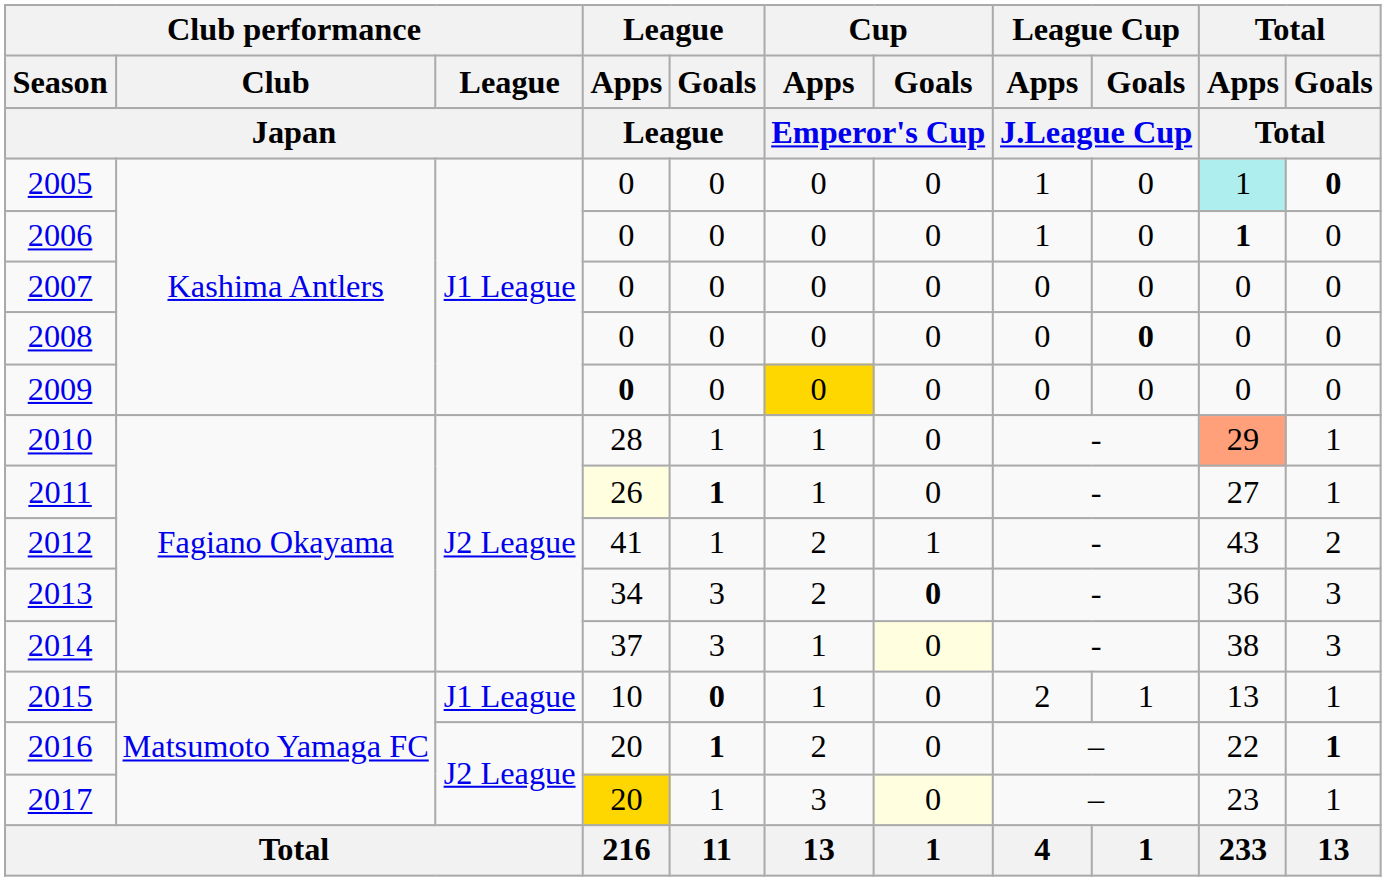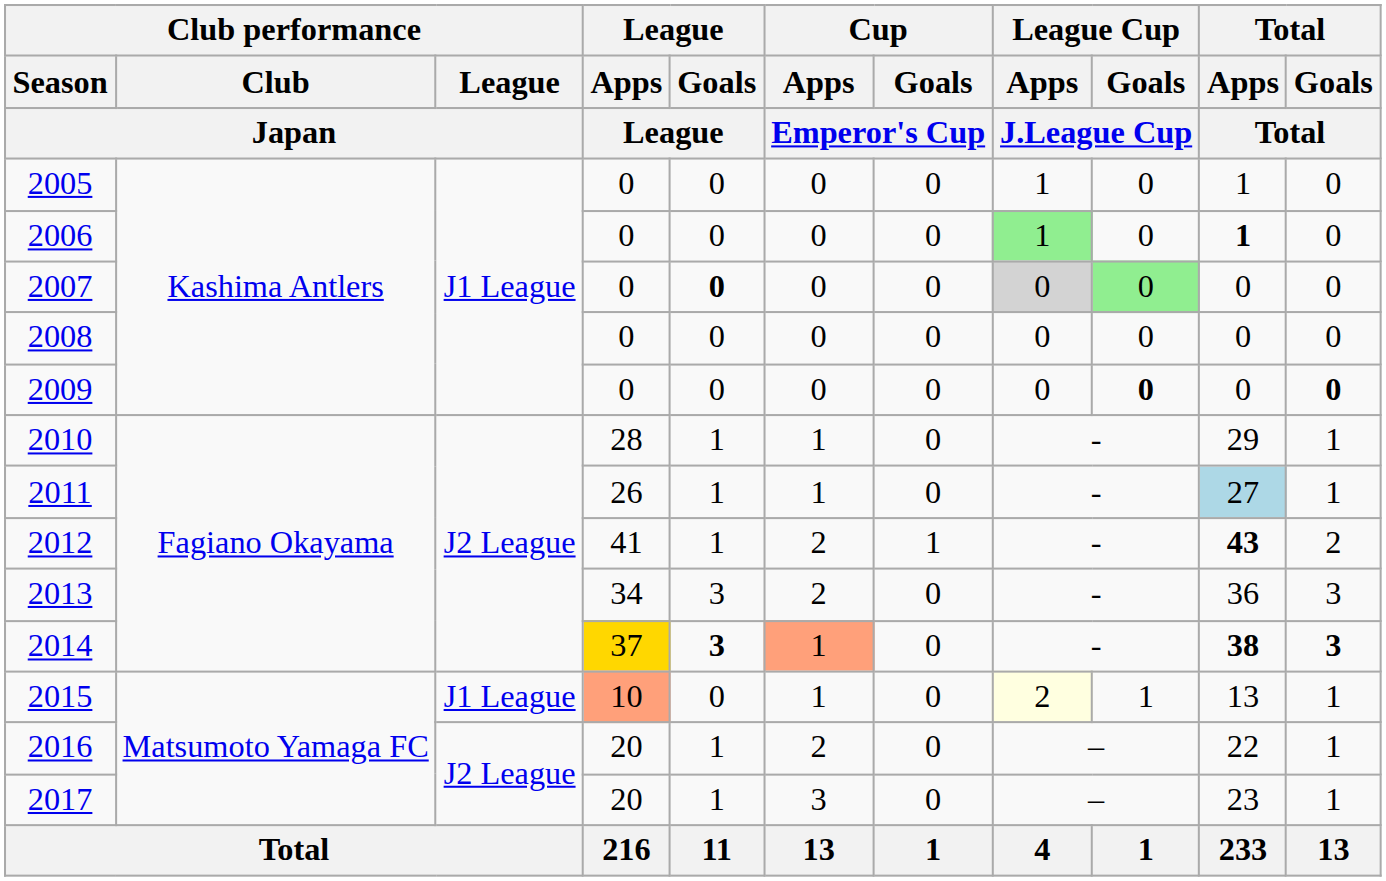 <table class="wikitable" style="text-align:center;">
 <tr>
 <th colspan=3>Club performance</th>
 <th colspan=2>League</th>
 <th colspan=2>Cup</th>
 <th colspan=2>League Cup</th>
 <th colspan=2>Total</th>
 </tr>
 <tr>
 <th>Season</th>
 <th>Club</th>
 <th>League</th>
 <th>Apps</th>
 <th>Goals</th>
 <th>Apps</th>
 <th>Goals</th>
 <th>Apps</th>
 <th>Goals</th>
 <th>Apps</th>
 <th>Goals</th>
 </tr>
 <tr>
 <th colspan=3>Japan</th>
 <th colspan=2>League</th>
 <th colspan=2><a href='#'>Emperor's Cup</a></th>
 <th colspan=2><a href='#'>J.League Cup</a></th>
 <th colspan=2>Total</th>
 </tr>
 <tr>
 <td><a href='#'>2005</a></td>
 <td rowspan="5"><a href='#'>Kashima Antlers</a></td>
 <td rowspan="5"><a href='#'>J1 League</a></td>
 <td>0</td>
 <td>0</td>
 <td>0</td>
 <td>0</td>
 <td>1</td>
 <td>0</td>
-<td style="background: paleturquoise;">1</td>
-<td><strong>0</strong></td>
+<td>1</td>
+<td>0</td>
 </tr>
 <tr>
 <td><a href='#'>2006</a></td>
 <td>0</td>
 <td>0</td>
 <td>0</td>
 <td>0</td>
-<td>1</td>
+<td style="background: lightgreen;">1</td>
 <td>0</td>
 <td><strong>1</strong></td>
 <td>0</td>
 </tr>
 <tr>
 <td><a href='#'>2007</a></td>
+<td>0</td>
+<td><strong>0</strong></td>
+<td>0</td>
+<td>0</td>
+<td style="background: lightgrey;">0</td>
+<td style="background: lightgreen;">0</td>
+<td>0</td>
+<td>0</td>
+</tr>
+<tr>
+<td><a href='#'>2008</a></td>
 <td>0</td>
 <td>0</td>
 <td>0</td>
 <td>0</td>
 <td>0</td>
 <td>0</td>
 <td>0</td>
 <td>0</td>
 </tr>
 <tr>
-<td><a href='#'>2008</a></td>
+<td><a href='#'>2009</a></td>
 <td>0</td>
 <td>0</td>
 <td>0</td>
 <td>0</td>
 <td>0</td>
 <td><strong>0</strong></td>
 <td>0</td>
-<td>0</td>
-</tr>
-<tr>
-<td><a href='#'>2009</a></td>
 <td><strong>0</strong></td>
-<td>0</td>
-<td style="background: gold;">0</td>
-<td>0</td>
-<td>0</td>
-<td>0</td>
-<td>0</td>
-<td>0</td>
 </tr>
 <tr>
 <td><a href='#'>2010</a></td>
 <td rowspan="5"><a href='#'>Fagiano Okayama</a></td>
 <td rowspan="5"><a href='#'>J2 League</a></td>
 <td>28</td>
 <td>1</td>
 <td>1</td>
 <td>0</td>
 <td colspan="2">-</td>
-<td style="background: lightsalmon;">29</td>
+<td>29</td>
 <td>1</td>
 </tr>
 <tr>
 <td><a href='#'>2011</a></td>
-<td style="background: lightyellow;">26</td>
-<td><strong>1</strong></td>
+<td>26</td>
+<td>1</td>
 <td>1</td>
 <td>0</td>
 <td colspan="2">-</td>
-<td>27</td>
+<td style="background: lightblue;">27</td>
 <td>1</td>
 </tr>
 <tr>
 <td><a href='#'>2012</a></td>
 <td>41</td>
 <td>1</td>
 <td>2</td>
 <td>1</td>
 <td colspan="2">-</td>
-<td>43</td>
+<td><strong>43</strong></td>
 <td>2</td>
 </tr>
 <tr>
 <td><a href='#'>2013</a></td>
 <td>34</td>
 <td>3</td>
 <td>2</td>
-<td><strong>0</strong></td>
+<td>0</td>
 <td colspan="2">-</td>
 <td>36</td>
 <td>3</td>
 </tr>
 <tr>
 <td><a href='#'>2014</a></td>
-<td>37</td>
-<td>3</td>
-<td>1</td>
-<td style="background: lightyellow;">0</td>
+<td style="background: gold;">37</td>
+<td><strong>3</strong></td>
+<td style="background: lightsalmon;">1</td>
+<td>0</td>
 <td colspan="2">-</td>
-<td>38</td>
-<td>3</td>
+<td><strong>38</strong></td>
+<td><strong>3</strong></td>
 </tr>
 <tr>
 <td><a href='#'>2015</a></td>
 <td rowspan="3"><a href='#'>Matsumoto Yamaga FC</a></td>
 <td><a href='#'>J1 League</a></td>
-<td>10</td>
-<td><strong>0</strong></td>
+<td style="background: lightsalmon;">10</td>
+<td>0</td>
 <td>1</td>
 <td>0</td>
-<td>2</td>
+<td style="background: lightyellow;">2</td>
 <td>1</td>
 <td>13</td>
 <td>1</td>
 </tr>
 <tr>
 <td><a href='#'>2016</a></td>
 <td rowspan="2"><a href='#'>J2 League</a></td>
 <td>20</td>
-<td><strong>1</strong></td>
+<td>1</td>
 <td>2</td>
 <td>0</td>
 <td colspan="2">–</td>
 <td>22</td>
-<td><strong>1</strong></td>
+<td>1</td>
 </tr>
 <tr>
 <td><a href='#'>2017</a></td>
-<td style="background: gold;">20</td>
+<td>20</td>
 <td>1</td>
 <td>3</td>
-<td style="background: lightyellow;">0</td>
+<td>0</td>
 <td colspan="2">–</td>
 <td>23</td>
 <td>1</td>
 </tr>
 <tr>
 <th colspan=3>Total</th>
 <th>216</th>
 <th>11</th>
 <th>13</th>
 <th>1</th>
 <th>4</th>
 <th>1</th>
 <th>233</th>
 <th>13</th>
 </tr>
 </table>
